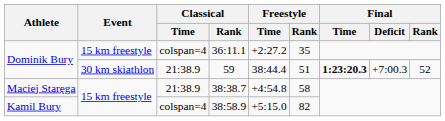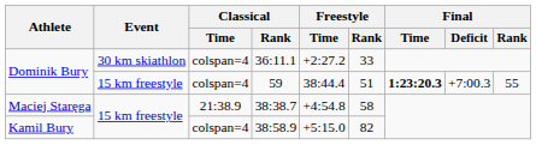 <table class="wikitable" style="font-size:90%">
 <tr>
 <th rowspan=2>Athlete</th>
 <th rowspan=2>Event</th>
 <th colspan=2>Classical</th>
 <th colspan=2>Freestyle</th>
 <th colspan=3>Final</th>
 </tr>
 <tr style="font-size: 95%">
 <th>Time</th>
 <th>Rank</th>
 <th>Time</th>
 <th>Rank</th>
 <th>Time</th>
 <th>Deficit</th>
 <th>Rank</th>
 </tr>
 <tr align=center>
 <td align=left rowspan=2><a href='#'>Dominik Bury</a></td>
-<td align=left><a href='#'>15 km freestyle</a></td>
+<td align=left><a href='#'>30 km skiathlon</a></td>
 <td>colspan=4 </td>
 <td>36:11.1</td>
 <td>+2:27.2</td>
-<td>35</td>
+<td>33</td>
 </tr>
 <tr align=center>
-<td align=left><a href='#'>30 km skiathlon</a></td>
-<td>21:38.9</td>
+<td align=left><a href='#'>15 km freestyle</a></td>
+<td>colspan=4 </td>
 <td>59</td>
 <td>38:44.4</td>
 <td>51</td>
 <td><strong>1:23:20.3</strong></td>
 <td>+7:00.3</td>
-<td>52</td>
+<td>55</td>
 </tr>
 <tr align=center>
 <td align=left><a href='#'>Maciej Staręga</a></td>
 <td align=left rowspan=2><a href='#'>15 km freestyle</a></td>
 <td>21:38.9</td>
 <td>38:38.7</td>
 <td>+4:54.8</td>
 <td>58</td>
 </tr>
 <tr align=center>
 <td align=left><a href='#'>Kamil Bury</a></td>
 <td>colspan=4 </td>
 <td>38:58.9</td>
 <td>+5:15.0</td>
 <td>82</td>
 </tr>
 </table>
